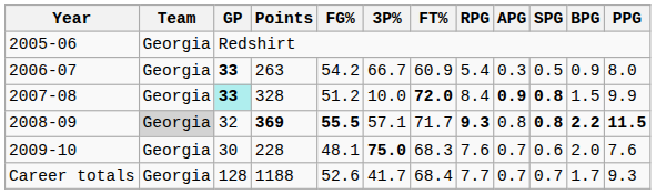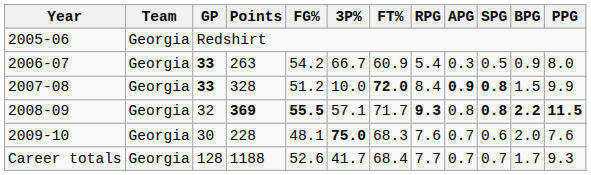 <table class="wikitable">
 <tr>
 <th>Year</th>
 <th>Team</th>
 <th>GP</th>
 <th>Points</th>
 <th>FG%</th>
 <th>3P%</th>
 <th>FT%</th>
 <th>RPG</th>
 <th>APG</th>
 <th>SPG</th>
 <th>BPG</th>
 <th>PPG</th>
 </tr>
 <tr>
 <td>2005-06</td>
 <td>Georgia</td>
 <td colspan="10">Redshirt</td>
 </tr>
 <tr>
 <td>2006-07</td>
 <td>Georgia</td>
 <td><strong>33</strong></td>
 <td>263</td>
 <td>54.2</td>
 <td>66.7</td>
 <td>60.9</td>
 <td>5.4</td>
 <td>0.3</td>
 <td>0.5</td>
 <td>0.9</td>
 <td>8.0</td>
 </tr>
 <tr>
 <td>2007-08</td>
 <td>Georgia</td>
-<td style="background: paleturquoise;"><strong>33</strong></td>
+<td><strong>33</strong></td>
 <td>328</td>
 <td>51.2</td>
 <td>10.0</td>
 <td><strong>72.0</strong></td>
 <td>8.4</td>
 <td><strong>0.9</strong></td>
 <td><strong>0.8</strong></td>
 <td>1.5</td>
 <td>9.9</td>
 </tr>
 <tr>
 <td>2008-09</td>
-<td style="background: lightgrey;">Georgia</td>
+<td>Georgia</td>
 <td>32</td>
 <td><strong>369</strong></td>
 <td><strong>55.5</strong></td>
 <td>57.1</td>
 <td>71.7</td>
 <td><strong>9.3</strong></td>
 <td>0.8</td>
 <td><strong>0.8</strong></td>
 <td><strong>2.2</strong></td>
 <td><strong>11.5</strong></td>
 </tr>
 <tr>
 <td>2009-10</td>
 <td>Georgia</td>
 <td>30</td>
 <td>228</td>
 <td>48.1</td>
 <td><strong>75.0</strong></td>
 <td>68.3</td>
 <td>7.6</td>
 <td>0.7</td>
 <td>0.6</td>
 <td>2.0</td>
 <td>7.6</td>
 </tr>
 <tr>
 <td>Career totals</td>
 <td>Georgia</td>
 <td>128</td>
 <td>1188</td>
 <td>52.6</td>
 <td>41.7</td>
 <td>68.4</td>
 <td>7.7</td>
 <td>0.7</td>
 <td>0.7</td>
 <td>1.7</td>
 <td>9.3</td>
 </tr>
 </table>
